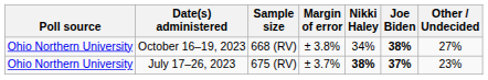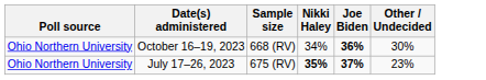 <table class="wikitable sortable mw-datatable" style="font-size:90%;text-align:center;line-height:17px">
 <tr valign=bottom>
 <th>Poll source</th>
 <th>Date(s)<br>administered</th>
 <th>Sample<br>size</th>
-<th>Margin<br>of error</th>
 <th class="unsortable">Nikki<br>Haley<br></th>
 <th class="unsortable">Joe<br>Biden<br></th>
 <th class="unsortable">Other /<br>Undecided</th>
 </tr>
 <tr>
 <td><a href='#'>Ohio Northern University</a></td>
 <td data-sort-value="2023-10-30">October 16–19, 2023</td>
 <td>668 (RV)</td>
-<td>± 3.8%</td>
 <td>34%</td>
-<td style="color:black;background-color:"><strong>38%</strong></td>
-<td>27%</td>
+<td style="color:black;background-color:"><strong>36%</strong></td>
+<td>30%</td>
 </tr>
 <tr>
 <td style="text-align:left;"><a href='#'>Ohio Northern University</a></td>
 <td data-sort-value="2023-07-26">July 17–26, 2023</td>
 <td>675 (RV)</td>
-<td>± 3.7%</td>
-<td><strong>38%</strong></td>
+<td><strong>35%</strong></td>
 <td><strong>37%</strong></td>
 <td>23%</td>
 </tr>
 </table>
